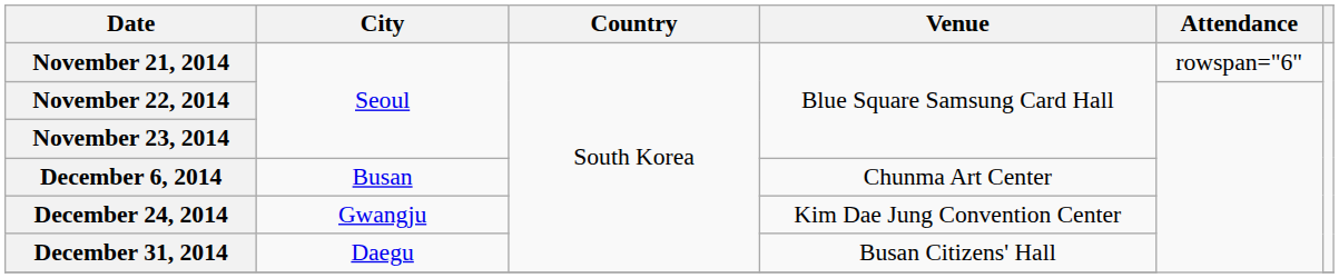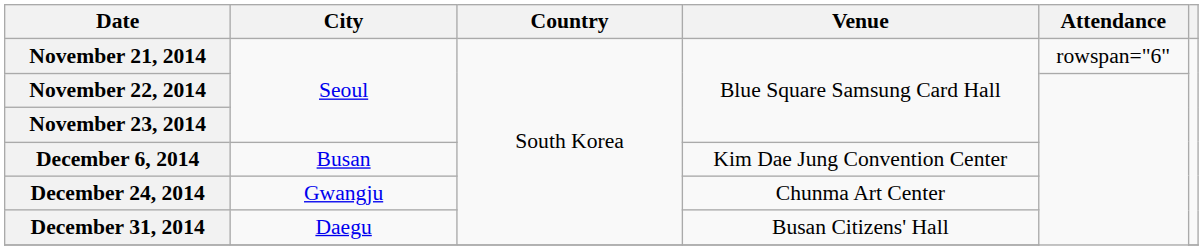 <table class="wikitable sortable plainrowheaders" style="text-align:center;">
 <tr>
 <th style="width:10em;">Date</th>
 <th style="width:10em;">City</th>
 <th style="width:10em;">Country</th>
 <th style="width:16em;">Venue</th>
 <th style="width:6.5em;">Attendance</th>
 <th scope="col" class="unsortable"></th>
 </tr>
 <tr>
 <th scope="row" style="text-align:center">November 21, 2014</th>
 <td rowspan="3"><a href='#'>Seoul</a></td>
 <td rowspan="6">South Korea</td>
 <td rowspan="3">Blue Square Samsung Card Hall</td>
 <td>rowspan="6" </td>
 <td rowspan="6"></td>
 </tr>
 <tr>
 <th scope="row" style="text-align:center">November 22, 2014</th>
 </tr>
 <tr>
 <th scope="row" style="text-align:center">November 23, 2014</th>
 </tr>
 <tr>
 <th scope="row" style="text-align:center">December 6, 2014</th>
 <td><a href='#'>Busan</a></td>
-<td>Chunma Art Center</td>
+<td>Kim Dae Jung Convention Center</td>
 </tr>
 <tr>
 <th scope="row" style="text-align:center">December 24, 2014</th>
 <td><a href='#'>Gwangju</a></td>
-<td>Kim Dae Jung Convention Center</td>
+<td>Chunma Art Center</td>
 </tr>
 <tr>
 <th scope="row" style="text-align:center">December 31, 2014</th>
 <td><a href='#'>Daegu</a></td>
 <td>Busan Citizens' Hall</td>
 </tr>
 <tr>
 </tr>
 </table>
